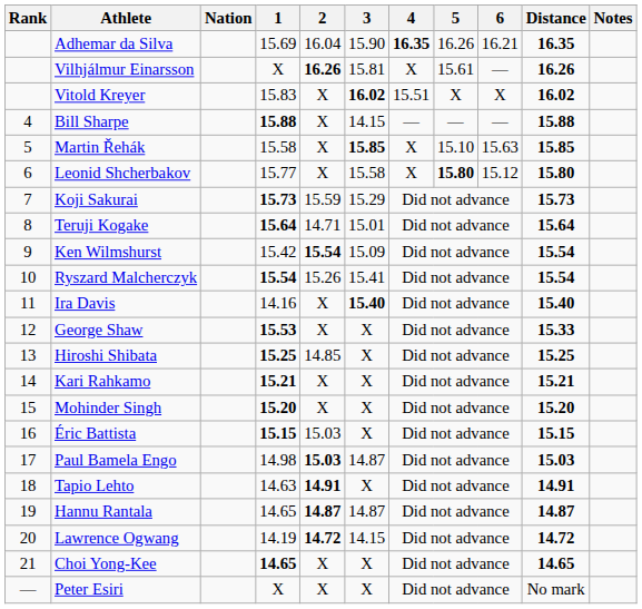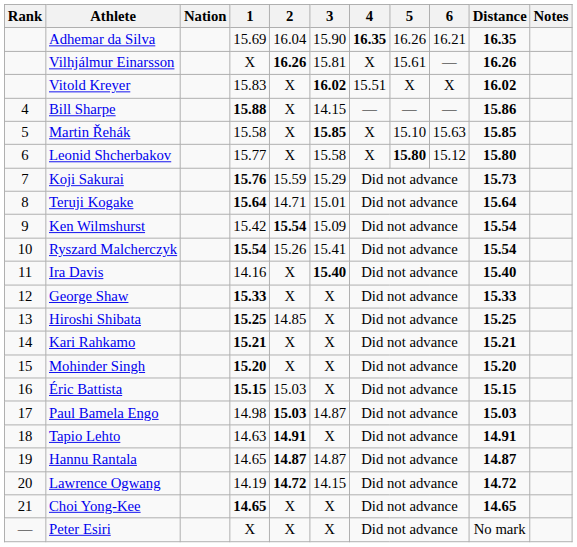 <table class="wikitable sortable" style="text-align:center">
 <tr>
 <th>Rank</th>
 <th>Athlete</th>
 <th>Nation</th>
 <th>1</th>
 <th>2</th>
 <th>3</th>
 <th>4</th>
 <th>5</th>
 <th>6</th>
 <th>Distance</th>
 <th>Notes</th>
 </tr>
 <tr>
 <td></td>
 <td align=left><a href='#'>Adhemar da Silva</a></td>
 <td align=left></td>
 <td>15.69</td>
 <td>16.04</td>
 <td>15.90</td>
 <td><strong>16.35</strong> </td>
 <td>16.26</td>
 <td>16.21</td>
 <td><strong>16.35</strong></td>
 <td></td>
 </tr>
 <tr>
 <td></td>
 <td align=left><a href='#'>Vilhjálmur Einarsson</a></td>
 <td align=left></td>
 <td data-sort-value=1.00>X</td>
 <td><strong>16.26</strong></td>
 <td>15.81</td>
 <td data-sort-value=1.00>X</td>
 <td>15.61</td>
 <td data-sort-value=1.00>—</td>
 <td><strong>16.26</strong></td>
 <td></td>
 </tr>
 <tr>
 <td></td>
 <td align=left><a href='#'>Vitold Kreyer</a></td>
 <td align=left></td>
 <td>15.83</td>
 <td data-sort-value=1.00>X</td>
 <td><strong>16.02</strong></td>
 <td>15.51</td>
 <td data-sort-value=1.00>X</td>
 <td data-sort-value=1.00>X</td>
 <td><strong>16.02</strong></td>
 <td></td>
 </tr>
 <tr>
 <td>4</td>
 <td align=left><a href='#'>Bill Sharpe</a></td>
 <td align=left></td>
 <td><strong>15.88</strong></td>
 <td data-sort-value=1.00>X</td>
 <td>14.15</td>
 <td data-sort-value=1.00>—</td>
 <td data-sort-value=1.00>—</td>
 <td data-sort-value=1.00>—</td>
-<td><strong>15.88</strong></td>
+<td><strong>15.86</strong></td>
 <td></td>
 </tr>
 <tr>
 <td>5</td>
 <td align=left><a href='#'>Martin Řehák</a></td>
 <td align=left></td>
 <td>15.58</td>
 <td data-sort-value=1.00>X</td>
 <td><strong>15.85</strong></td>
 <td data-sort-value=1.00>X</td>
 <td>15.10</td>
 <td>15.63</td>
 <td><strong>15.85</strong></td>
 <td></td>
 </tr>
 <tr>
 <td>6</td>
 <td align=left><a href='#'>Leonid Shcherbakov</a></td>
 <td align=left></td>
 <td>15.77</td>
 <td data-sort-value=1.00>X</td>
 <td>15.58</td>
 <td data-sort-value=1.00>X</td>
 <td><strong>15.80</strong></td>
 <td>15.12</td>
 <td><strong>15.80</strong></td>
 <td></td>
 </tr>
 <tr>
 <td>7</td>
 <td align=left><a href='#'>Koji Sakurai</a></td>
 <td align=left></td>
-<td><strong>15.73</strong></td>
+<td><strong>15.76</strong></td>
 <td>15.59</td>
 <td>15.29</td>
 <td colspan=3 data-sort-value=0.00>Did not advance</td>
 <td><strong>15.73</strong></td>
 <td></td>
 </tr>
 <tr>
 <td>8</td>
 <td align=left><a href='#'>Teruji Kogake</a></td>
 <td align=left></td>
 <td><strong>15.64</strong></td>
 <td>14.71</td>
 <td>15.01</td>
 <td colspan=3 data-sort-value=0.00>Did not advance</td>
 <td><strong>15.64</strong></td>
 <td></td>
 </tr>
 <tr>
 <td>9</td>
 <td align=left><a href='#'>Ken Wilmshurst</a></td>
 <td align=left></td>
 <td>15.42</td>
 <td><strong>15.54</strong></td>
 <td>15.09</td>
 <td colspan=3 data-sort-value=0.00>Did not advance</td>
 <td><strong>15.54</strong></td>
 <td></td>
 </tr>
 <tr>
 <td>10</td>
 <td align=left><a href='#'>Ryszard Malcherczyk</a></td>
 <td align=left></td>
 <td><strong>15.54</strong></td>
 <td>15.26</td>
 <td>15.41</td>
 <td colspan=3 data-sort-value=0.00>Did not advance</td>
 <td><strong>15.54</strong></td>
 <td></td>
 </tr>
 <tr>
 <td>11</td>
 <td align=left><a href='#'>Ira Davis</a></td>
 <td align=left></td>
 <td>14.16</td>
 <td data-sort-value=1.00>X</td>
 <td><strong>15.40</strong></td>
 <td colspan=3 data-sort-value=0.00>Did not advance</td>
 <td><strong>15.40</strong></td>
 <td></td>
 </tr>
 <tr>
 <td>12</td>
 <td align=left><a href='#'>George Shaw</a></td>
 <td align=left></td>
-<td><strong>15.53</strong></td>
+<td><strong>15.33</strong></td>
 <td data-sort-value=1.00>X</td>
 <td data-sort-value=1.00>X</td>
 <td colspan=3 data-sort-value=0.00>Did not advance</td>
 <td><strong>15.33</strong></td>
 <td></td>
 </tr>
 <tr>
 <td>13</td>
 <td align=left><a href='#'>Hiroshi Shibata</a></td>
 <td align=left></td>
 <td><strong>15.25</strong></td>
 <td>14.85</td>
 <td data-sort-value=1.00>X</td>
 <td colspan=3 data-sort-value=0.00>Did not advance</td>
 <td><strong>15.25</strong></td>
 <td></td>
 </tr>
 <tr>
 <td>14</td>
 <td align=left><a href='#'>Kari Rahkamo</a></td>
 <td align=left></td>
 <td><strong>15.21</strong></td>
 <td data-sort-value=1.00>X</td>
 <td data-sort-value=1.00>X</td>
 <td colspan=3 data-sort-value=0.00>Did not advance</td>
 <td><strong>15.21</strong></td>
 <td></td>
 </tr>
 <tr>
 <td>15</td>
 <td align=left><a href='#'>Mohinder Singh</a></td>
 <td align=left></td>
 <td><strong>15.20</strong></td>
 <td data-sort-value=1.00>X</td>
 <td data-sort-value=1.00>X</td>
 <td colspan=3 data-sort-value=0.00>Did not advance</td>
 <td><strong>15.20</strong></td>
 <td></td>
 </tr>
 <tr>
 <td>16</td>
 <td align=left><a href='#'>Éric Battista</a></td>
 <td align=left></td>
 <td><strong>15.15</strong></td>
 <td>15.03</td>
 <td data-sort-value=1.00>X</td>
 <td colspan=3 data-sort-value=0.00>Did not advance</td>
 <td><strong>15.15</strong></td>
 <td></td>
 </tr>
 <tr>
 <td>17</td>
 <td align=left><a href='#'>Paul Bamela Engo</a></td>
 <td align=left></td>
 <td>14.98</td>
 <td><strong>15.03</strong></td>
 <td>14.87</td>
 <td colspan=3 data-sort-value=0.00>Did not advance</td>
 <td><strong>15.03</strong></td>
 <td></td>
 </tr>
 <tr>
 <td>18</td>
 <td align=left><a href='#'>Tapio Lehto</a></td>
 <td align=left></td>
 <td>14.63</td>
 <td><strong>14.91</strong></td>
 <td data-sort-value=1.00>X</td>
 <td colspan=3 data-sort-value=0.00>Did not advance</td>
 <td><strong>14.91</strong></td>
 <td></td>
 </tr>
 <tr>
 <td>19</td>
 <td align=left><a href='#'>Hannu Rantala</a></td>
 <td align=left></td>
 <td>14.65</td>
 <td><strong>14.87</strong></td>
 <td>14.87</td>
 <td colspan=3 data-sort-value=0.00>Did not advance</td>
 <td><strong>14.87</strong></td>
 <td></td>
 </tr>
 <tr>
 <td>20</td>
 <td align=left><a href='#'>Lawrence Ogwang</a></td>
 <td align=left></td>
 <td>14.19</td>
 <td><strong>14.72</strong></td>
 <td>14.15</td>
 <td colspan=3 data-sort-value=0.00>Did not advance</td>
 <td><strong>14.72</strong></td>
 <td></td>
 </tr>
 <tr>
 <td>21</td>
 <td align=left><a href='#'>Choi Yong-Kee</a></td>
 <td align=left></td>
 <td><strong>14.65</strong></td>
 <td data-sort-value=1.00>X</td>
 <td data-sort-value=1.00>X</td>
 <td colspan=3 data-sort-value=0.00>Did not advance</td>
 <td><strong>14.65</strong></td>
 <td></td>
 </tr>
 <tr>
 <td data-sort-value=22>—</td>
 <td align=left><a href='#'>Peter Esiri</a></td>
 <td align=left></td>
 <td data-sort-value=1.00>X</td>
 <td data-sort-value=1.00>X</td>
 <td data-sort-value=1.00>X</td>
 <td colspan=3 data-sort-value=0.00>Did not advance</td>
 <td data-sort-value=1.00>No mark</td>
 <td></td>
 </tr>
 </table>
